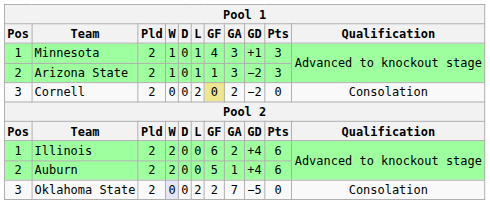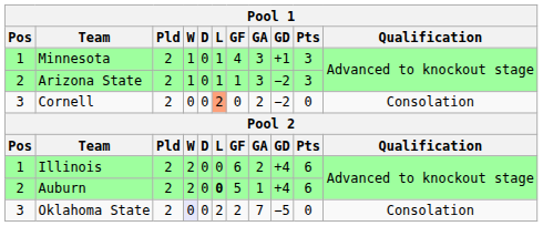 <table class="wikitable" style="text-align:center">
 <tr>
 <th colspan="11">Pool 1</th>
 </tr>
 <tr>
 <th>Pos</th>
 <th>Team</th>
 <th>Pld</th>
 <th>W</th>
 <th>D</th>
 <th>L</th>
 <th>GF</th>
 <th>GA</th>
 <th>GD</th>
 <th>Pts</th>
 <th>Qualification</th>
 </tr>
 <tr bgcolor="#9eff9e">
 <td>1</td>
 <td style="text-align:left">Minnesota</td>
 <td>2</td>
 <td>1</td>
 <td>0</td>
 <td>1</td>
 <td>4</td>
 <td>3</td>
 <td>+1</td>
 <td>3</td>
 <td rowspan="2">Advanced to knockout stage</td>
 </tr>
 <tr bgcolor="#9eff9e">
 <td>2</td>
 <td style="text-align:left">Arizona State</td>
 <td>2</td>
 <td>1</td>
 <td>0</td>
 <td>1</td>
 <td>1</td>
 <td>3</td>
 <td>−2</td>
 <td>3</td>
 </tr>
 <tr>
 <td>3</td>
 <td style="text-align:left">Cornell</td>
 <td>2</td>
 <td>0</td>
 <td>0</td>
-<td>2</td>
-<td style="background: khaki;">0</td>
+<td style="background: lightsalmon;">2</td>
+<td>0</td>
 <td>2</td>
 <td>−2</td>
 <td>0</td>
 <td>Consolation</td>
 </tr>
 <tr>
 <th colspan="11">Pool 2</th>
 </tr>
 <tr>
 <th>Pos</th>
 <th>Team</th>
 <th>Pld</th>
 <th>W</th>
 <th>D</th>
 <th>L</th>
 <th>GF</th>
 <th>GA</th>
 <th>GD</th>
 <th>Pts</th>
 <th>Qualification</th>
 </tr>
 <tr bgcolor="#9eff9e">
 <td>1</td>
 <td style="text-align:left">Illinois</td>
 <td>2</td>
 <td>2</td>
 <td>0</td>
 <td>0</td>
 <td>6</td>
 <td>2</td>
 <td>+4</td>
 <td>6</td>
 <td rowspan="2">Advanced to knockout stage</td>
 </tr>
 <tr bgcolor="#9eff9e">
 <td>2</td>
 <td style="text-align:left">Auburn</td>
 <td>2</td>
 <td>2</td>
 <td>0</td>
-<td>0</td>
+<td><strong>0</strong></td>
 <td>5</td>
 <td>1</td>
 <td>+4</td>
 <td>6</td>
 </tr>
 <tr>
 <td>3</td>
 <td style="text-align:left">Oklahoma State</td>
 <td>2</td>
 <td style="background: lavender;">0</td>
 <td>0</td>
 <td>2</td>
 <td>2</td>
 <td>7</td>
 <td>−5</td>
 <td>0</td>
 <td>Consolation</td>
 </tr>
 </table>
